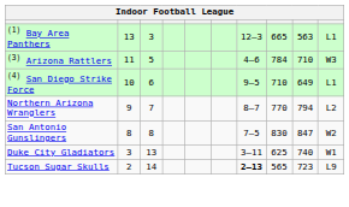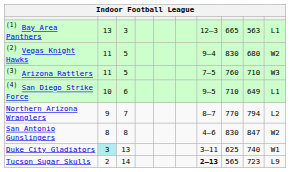 <table class="wikitable" style="font-size:95%; text-align:center;">
 <tr>
 <th colspan="10">Indoor Football League</th>
 </tr>
 <tr>
 <th width="150"></th>
 <th width="25"></th>
 <th width="25"></th>
 <th width="25"></th>
 <th width="30"></th>
 <th width=30></th>
 <th width="35"></th>
 <th width="30"></th>
 <th width="30"></th>
 <th width="30"></th>
 </tr>
 <tr style="background-color:#ccffcc">
 <td style="text-align:left;"><sup>(1)</sup> <a href='#'>Bay Area Panthers</a></td>
 <td>13</td>
 <td>3</td>
 <td></td>
 <td></td>
 <td></td>
 <td>12–3</td>
 <td>665</td>
 <td>563</td>
 <td>L1</td>
 </tr>
 <tr style="background-color:#ccffcc">
+<td style="text-align:left;"><sup>(2)</sup> <a href='#'>Vegas Knight Hawks</a></td>
+<td>11</td>
+<td>5</td>
+<td></td>
+<td></td>
+<td></td>
+<td>9–4</td>
+<td>830</td>
+<td>680</td>
+<td>W2</td>
+</tr>
+<tr style="background-color:#ccffcc">
 <td style="text-align:left;"><sup>(3)</sup> <a href='#'>Arizona Rattlers</a></td>
 <td>11</td>
 <td>5</td>
 <td></td>
 <td></td>
 <td></td>
-<td>4–6</td>
-<td>784</td>
+<td>7–5</td>
+<td>760</td>
 <td>710</td>
 <td>W3</td>
 </tr>
 <tr style="background-color:#ccffcc">
 <td style="text-align:left;"><sup>(4)</sup> <a href='#'>San Diego Strike Force</a></td>
 <td>10</td>
 <td>6</td>
 <td></td>
 <td></td>
 <td></td>
 <td>9–5</td>
 <td>710</td>
 <td>649</td>
 <td>L1</td>
 </tr>
 <tr>
 <td style="text-align:left;"><a href='#'>Northern Arizona Wranglers</a></td>
 <td>9</td>
 <td>7</td>
 <td></td>
 <td></td>
 <td></td>
 <td>8–7</td>
 <td>770</td>
 <td>794</td>
 <td>L2</td>
 </tr>
 <tr>
 <td style="text-align:left;"><a href='#'>San Antonio Gunslingers</a></td>
 <td>8</td>
 <td>8</td>
 <td></td>
 <td></td>
 <td></td>
-<td>7–5</td>
+<td>4–6</td>
 <td>830</td>
 <td>847</td>
 <td>W2</td>
 </tr>
 <tr>
 <td style="text-align:left;"><a href='#'>Duke City Gladiators</a></td>
-<td>3</td>
+<td style="background: paleturquoise;">3</td>
 <td>13</td>
 <td></td>
 <td></td>
 <td></td>
 <td>3–11</td>
 <td>625</td>
 <td>740</td>
 <td>W1</td>
 </tr>
 <tr>
 <td style="text-align:left;"><a href='#'>Tucson Sugar Skulls</a></td>
 <td>2</td>
 <td>14</td>
 <td></td>
 <td></td>
 <td></td>
 <td><strong>2–13</strong></td>
 <td>565</td>
 <td>723</td>
 <td>L9</td>
 </tr>
 </table>
